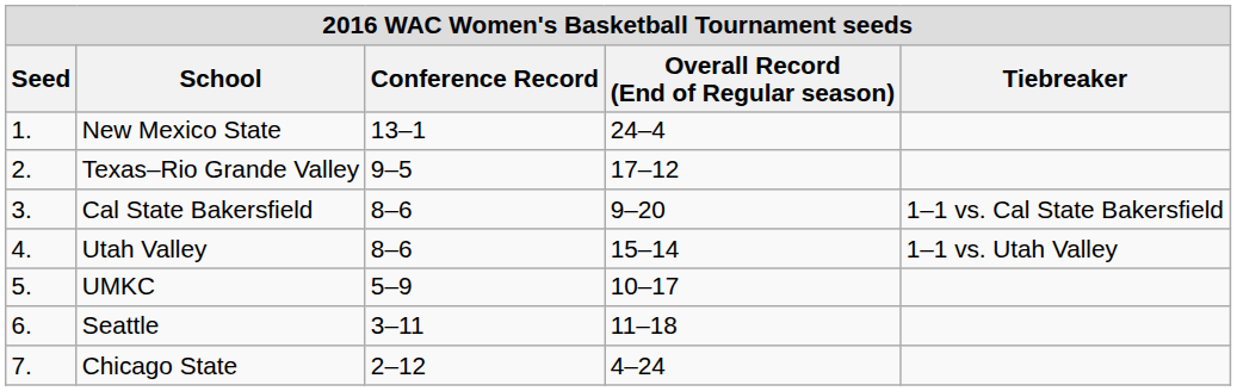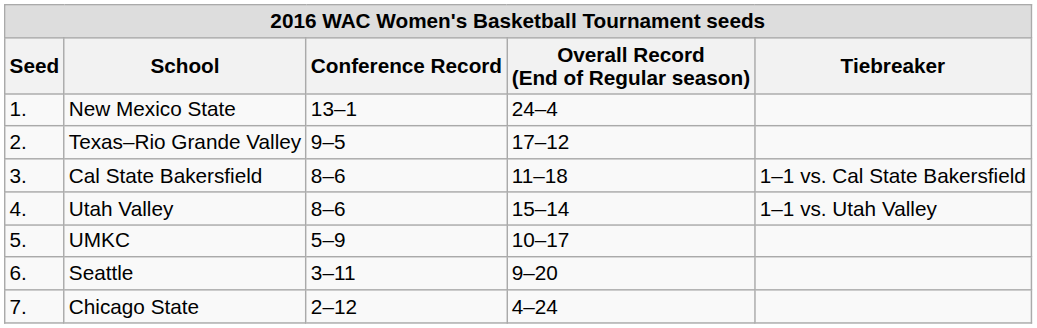 <table class="wikitable" style="white-space:nowrap; font-size:90%;">
 <tr>
 <td colspan="7" style="text-align:center; background:#DDDDDD; font:#000000"><strong>2016 WAC Women's Basketball Tournament seeds</strong></td>
 </tr>
 <tr bgcolor="#efefef">
 <th>Seed</th>
 <th>School</th>
 <th>Conference Record</th>
 <th>Overall Record <br>(End of Regular season)</th>
 <th>Tiebreaker</th>
 </tr>
 <tr>
 <td>1.</td>
 <td>New Mexico State</td>
 <td>13–1</td>
 <td>24–4</td>
 <td></td>
 </tr>
 <tr>
 <td>2.</td>
 <td>Texas–Rio Grande Valley</td>
 <td>9–5</td>
 <td>17–12</td>
 <td></td>
 </tr>
 <tr>
 <td>3.</td>
 <td>Cal State Bakersfield</td>
 <td>8–6</td>
-<td>9–20</td>
+<td>11–18</td>
 <td>1–1 vs. Cal State Bakersfield</td>
 </tr>
 <tr>
 <td>4.</td>
 <td>Utah Valley</td>
 <td>8–6</td>
 <td>15–14</td>
 <td>1–1 vs. Utah Valley</td>
 </tr>
 <tr>
 <td>5.</td>
 <td>UMKC</td>
 <td>5–9</td>
 <td>10–17</td>
 <td></td>
 </tr>
 <tr>
 <td>6.</td>
 <td>Seattle</td>
 <td>3–11</td>
-<td>11–18</td>
+<td>9–20</td>
 <td></td>
 </tr>
 <tr>
 <td>7.</td>
 <td>Chicago State</td>
 <td>2–12</td>
 <td>4–24</td>
 <td></td>
 </tr>
 </table>
